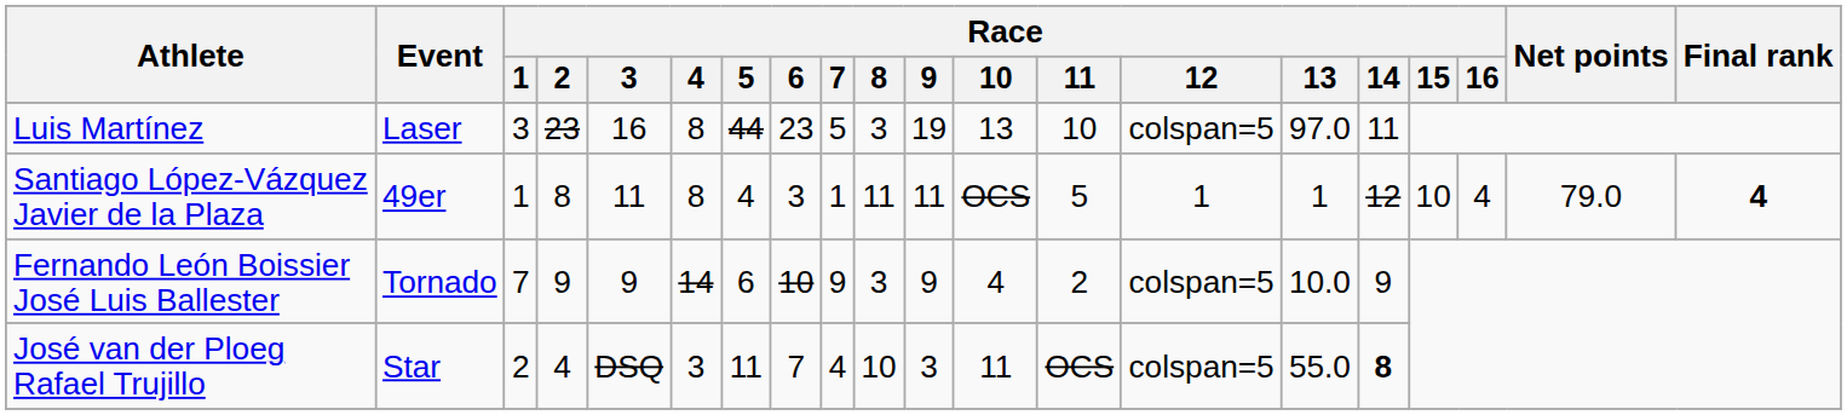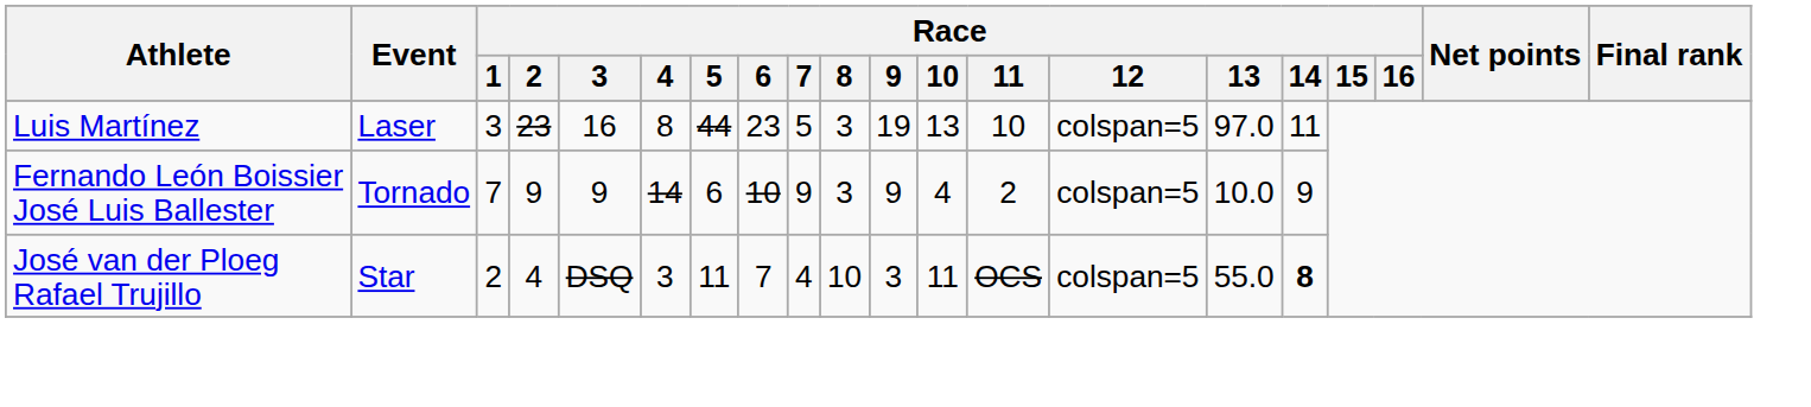 <table class="wikitable" style="font-size:90%">
 <tr>
 <th rowspan="2">Athlete</th>
 <th rowspan="2">Event</th>
 <th colspan=16>Race</th>
 <th rowspan=2>Net points</th>
 <th rowspan=2>Final rank</th>
 </tr>
 <tr style="font-size:95%">
 <th>1</th>
 <th>2</th>
 <th>3</th>
 <th>4</th>
 <th>5</th>
 <th>6</th>
 <th>7</th>
 <th>8</th>
 <th>9</th>
 <th>10</th>
 <th>11</th>
 <th>12</th>
 <th>13</th>
 <th>14</th>
 <th>15</th>
 <th>16</th>
 </tr>
 <tr align=center>
 <td align=left><a href='#'>Luis Martínez</a></td>
 <td align=left><a href='#'>Laser</a></td>
 <td>3</td>
 <td><s>23</s></td>
 <td>16</td>
 <td>8</td>
 <td><s>44</s></td>
 <td>23</td>
 <td>5</td>
 <td>3</td>
 <td>19</td>
 <td>13</td>
 <td>10</td>
 <td>colspan=5 </td>
 <td>97.0</td>
 <td>11</td>
 </tr>
 <tr align=center>
-<td align=left><a href='#'>Santiago López-Vázquez</a><br><a href='#'>Javier de la Plaza</a></td>
-<td align=left><a href='#'>49er</a></td>
-<td>1</td>
-<td>8</td>
-<td>11</td>
-<td>8</td>
-<td>4</td>
-<td>3</td>
-<td>1</td>
-<td>11</td>
-<td>11</td>
-<td><s>OCS</s></td>
-<td>5</td>
-<td>1</td>
-<td>1</td>
-<td><s>12</s></td>
-<td>10</td>
-<td>4</td>
-<td>79.0</td>
-<td><strong>4</strong></td>
-</tr>
-<tr align=center>
 <td align=left><a href='#'>Fernando León Boissier</a><br><a href='#'>José Luis Ballester</a></td>
 <td align=left><a href='#'>Tornado</a></td>
 <td>7</td>
 <td>9</td>
 <td>9</td>
 <td><s>14</s></td>
 <td>6</td>
 <td><s>10</s></td>
 <td>9</td>
 <td>3</td>
 <td>9</td>
 <td>4</td>
 <td>2</td>
 <td>colspan=5 </td>
 <td>10.0</td>
 <td>9</td>
 </tr>
 <tr align=center>
 <td align=left><a href='#'>José van der Ploeg</a><br><a href='#'>Rafael Trujillo</a></td>
 <td align=left><a href='#'>Star</a></td>
 <td>2</td>
 <td>4</td>
 <td><s>DSQ</s></td>
 <td>3</td>
 <td>11</td>
 <td>7</td>
 <td>4</td>
 <td>10</td>
 <td>3</td>
 <td>11</td>
 <td><s>OCS</s></td>
 <td>colspan=5 </td>
 <td>55.0</td>
 <td><strong>8</strong></td>
 </tr>
 </table>
